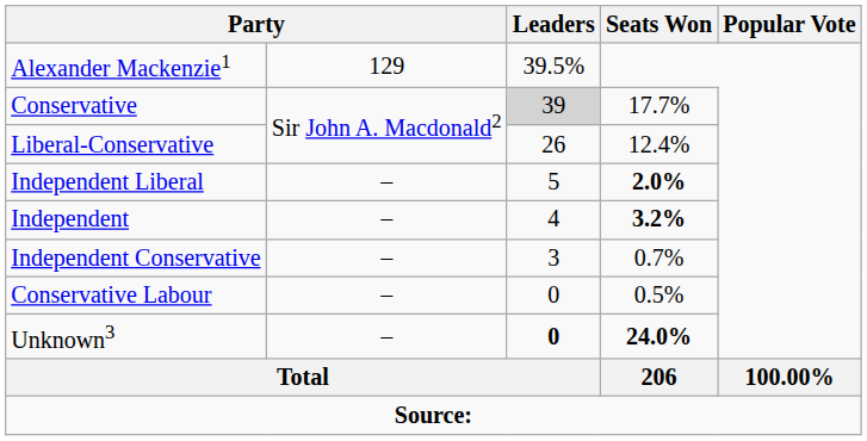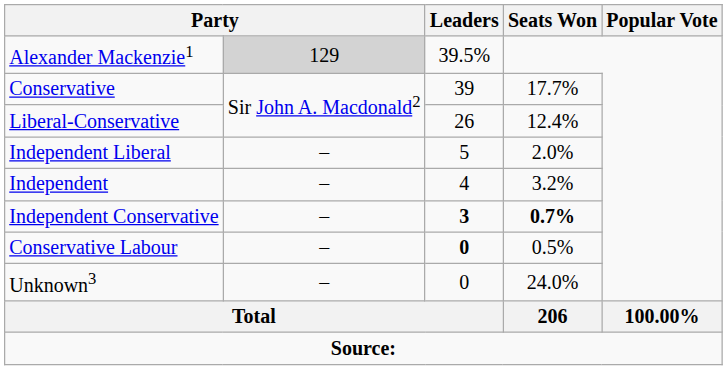 <table class="wikitable">
 <tr>
 <th colspan="2">Party</th>
 <th>Leaders</th>
 <th>Seats Won</th>
 <th>Popular Vote</th>
 </tr>
 <tr>
 <td><a href='#'>Alexander Mackenzie</a><sup>1</sup></td>
-<td align=center>129</td>
+<td align=center style="background: lightgrey;">129</td>
 <td align=center>39.5%</td>
 </tr>
 <tr>
 <td><a href='#'>Conservative</a></td>
 <td rowspan=2>Sir <a href='#'>John A. Macdonald</a><sup>2</sup></td>
-<td align=center style="background: lightgrey;">39</td>
+<td align=center>39</td>
 <td align=center>17.7%</td>
 </tr>
 <tr>
 <td><a href='#'>Liberal-Conservative</a></td>
 <td align=center>26</td>
 <td align=center>12.4%</td>
 </tr>
 <tr>
 <td><a href='#'>Independent Liberal</a></td>
 <td align=center>–</td>
 <td align=center>5</td>
-<td align=center><strong>2.0%</strong></td>
+<td align=center>2.0%</td>
 </tr>
 <tr>
 <td><a href='#'>Independent</a></td>
 <td align=center>–</td>
 <td align=center>4</td>
-<td align=center><strong>3.2%</strong></td>
+<td align=center>3.2%</td>
 </tr>
 <tr>
 <td><a href='#'>Independent Conservative</a></td>
 <td align=center>–</td>
-<td align=center>3</td>
-<td align=center>0.7%</td>
+<td align=center><strong>3</strong></td>
+<td align=center><strong>0.7%</strong></td>
 </tr>
 <tr>
 <td><a href='#'>Conservative Labour</a></td>
 <td align=center>–</td>
-<td align=center>0</td>
+<td align=center><strong>0</strong></td>
 <td align=center>0.5%</td>
 </tr>
 <tr>
 <td>Unknown<sup>3</sup></td>
 <td align=center>–</td>
-<td align=center><strong>0</strong></td>
-<td align=center><strong>24.0%</strong></td>
+<td align=center>0</td>
+<td align=center>24.0%</td>
 </tr>
 <tr>
 <th colspan=3 align=left>Total</th>
 <th align=right>206</th>
 <th align=right>100.00%</th>
 </tr>
 <tr>
 <td align="center" colspan=5><strong>Source:</strong>  </td>
 </tr>
 </table>
